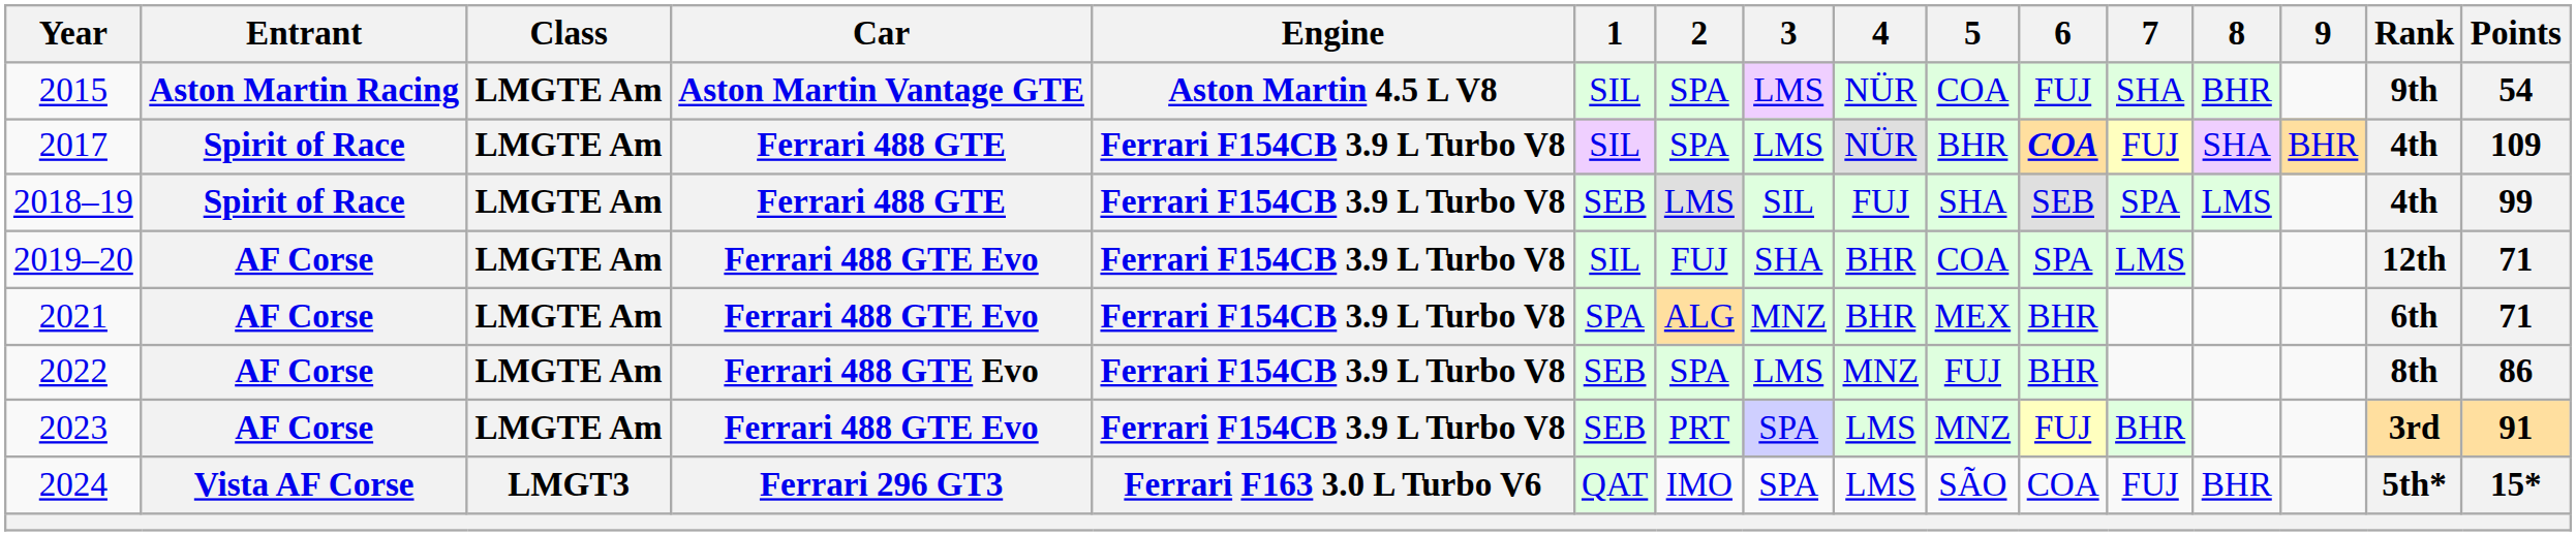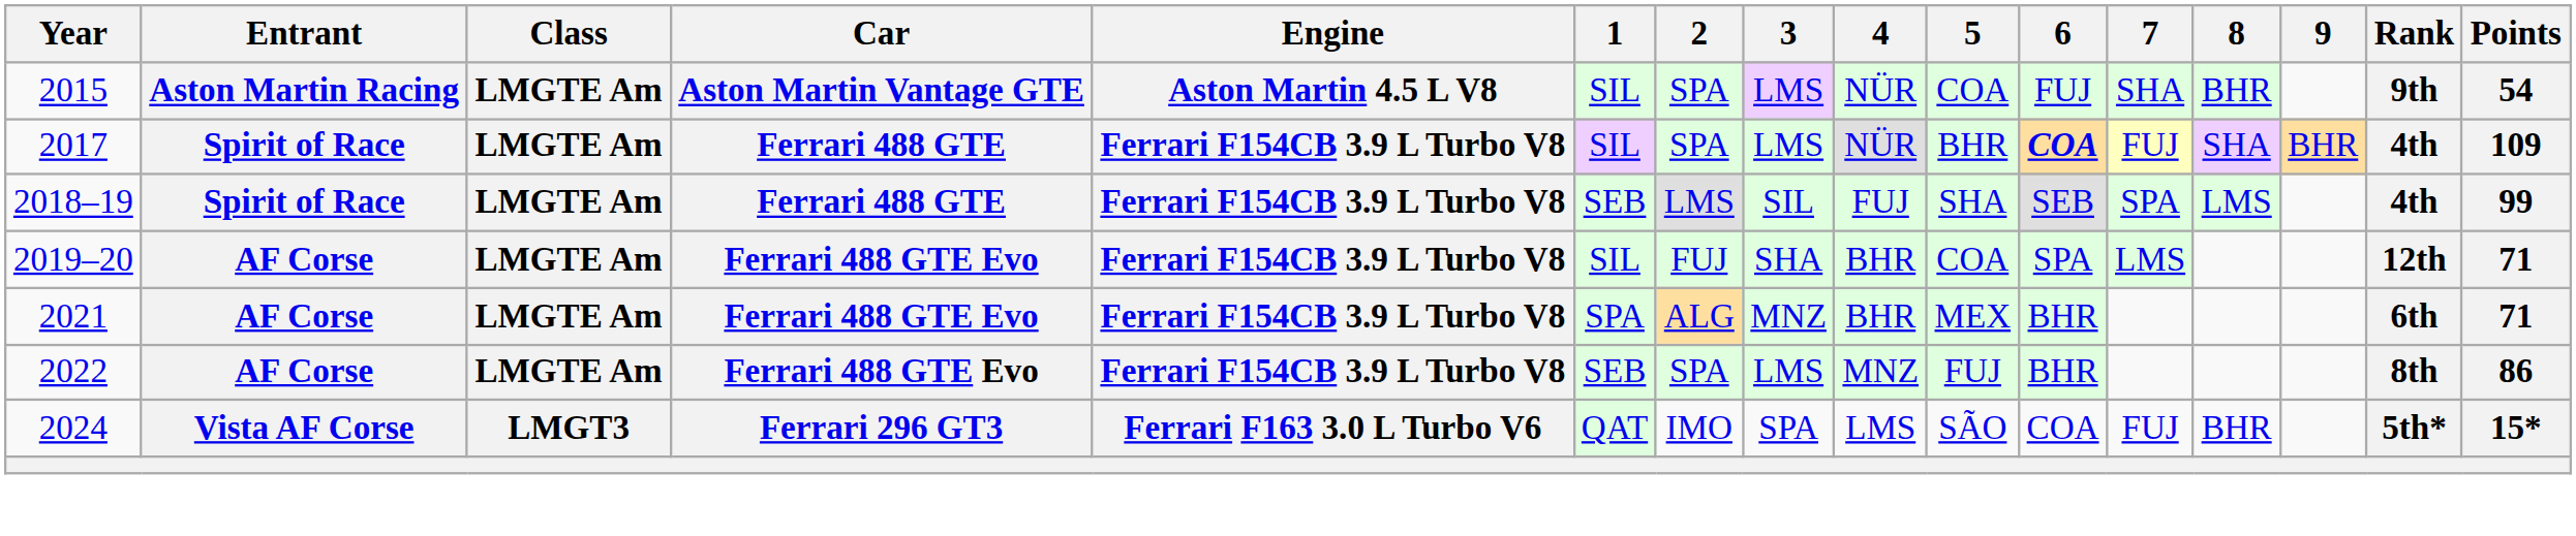 <table class="wikitable" style="text-align:center; font-size:90%">
 <tr>
 <th>Year</th>
 <th>Entrant</th>
 <th>Class</th>
 <th>Car</th>
 <th>Engine</th>
 <th>1</th>
 <th>2</th>
 <th>3</th>
 <th>4</th>
 <th>5</th>
 <th>6</th>
 <th>7</th>
 <th>8</th>
 <th>9</th>
 <th>Rank</th>
 <th>Points</th>
 </tr>
 <tr>
 <td><a href='#'>2015</a></td>
 <th><a href='#'>Aston Martin Racing</a></th>
 <th>LMGTE Am</th>
 <th><a href='#'>Aston Martin Vantage GTE</a></th>
 <th><a href='#'>Aston Martin</a> 4.5 L V8</th>
 <td style="background:#DFFFDF;"><a href='#'>SIL</a><br></td>
 <td style="background:#DFFFDF;"><a href='#'>SPA</a><br></td>
 <td style="background:#EFCFFF;"><a href='#'>LMS</a><br></td>
 <td style="background:#DFFFDF;"><a href='#'>NÜR</a><br></td>
 <td style="background:#DFFFDF;"><a href='#'>COA</a><br></td>
 <td style="background:#DFFFDF;"><a href='#'>FUJ</a><br></td>
 <td style="background:#DFFFDF;"><a href='#'>SHA</a><br></td>
 <td style="background:#DFFFDF;"><a href='#'>BHR</a><br></td>
 <td></td>
 <th>9th</th>
 <th>54</th>
 </tr>
 <tr>
 <td><a href='#'>2017</a></td>
 <th><a href='#'>Spirit of Race</a></th>
 <th>LMGTE Am</th>
 <th><a href='#'>Ferrari 488 GTE</a></th>
 <th><a href='#'>Ferrari F154CB</a> 3.9 L Turbo V8</th>
 <td style="background:#EFCFFF;"><a href='#'>SIL</a><br></td>
 <td style="background:#DFFFDF;"><a href='#'>SPA</a><br></td>
 <td style="background:#DFFFDF;"><a href='#'>LMS</a><br></td>
 <td style="background:#DFDFDF;"><a href='#'>NÜR</a><br></td>
 <td style="background:#DFFFDF;"><a href='#'>BHR</a><br></td>
 <td style="background:#FFDF9F;"><strong><em><a href='#'>COA</a></em><br></strong></td>
 <td style="background:#FFFFBF;"><a href='#'>FUJ</a><br></td>
 <td style="background:#EFCFFF;"><a href='#'>SHA</a><br></td>
 <td style="background:#FFDF9F;"><a href='#'>BHR</a><br></td>
 <th>4th</th>
 <th>109</th>
 </tr>
 <tr>
 <td><a href='#'>2018–19</a></td>
 <th><a href='#'>Spirit of Race</a></th>
 <th>LMGTE Am</th>
 <th><a href='#'>Ferrari 488 GTE</a></th>
 <th><a href='#'>Ferrari F154CB</a> 3.9 L Turbo V8</th>
 <td style="background:#DFFFDF"><a href='#'>SEB</a><br></td>
 <td style="background:#DFDFDF;"><a href='#'>LMS</a><br></td>
 <td style="background:#DFFFDF;"><a href='#'>SIL</a><br></td>
 <td style="background:#DFFFDF;"><a href='#'>FUJ</a><br></td>
 <td style="background:#DFFFDF;"><a href='#'>SHA</a><br></td>
 <td style="background:#DFDFDF;"><a href='#'>SEB</a><br></td>
 <td style="background:#DFFFDF;"><a href='#'>SPA</a><br></td>
 <td style="background:#DFFFDF;"><a href='#'>LMS</a><br></td>
 <td></td>
 <th>4th</th>
 <th>99</th>
 </tr>
 <tr>
 <td><a href='#'>2019–20</a></td>
 <th><a href='#'>AF Corse</a></th>
 <th>LMGTE Am</th>
 <th><a href='#'>Ferrari 488 GTE Evo</a></th>
 <th><a href='#'>Ferrari F154CB</a> 3.9 L Turbo V8</th>
 <td style="background:#DFFFDF;"><a href='#'>SIL</a><br></td>
 <td style="background:#DFFFDF;"><a href='#'>FUJ</a><br></td>
 <td style="background:#DFFFDF;"><a href='#'>SHA</a><br></td>
 <td style="background:#DFFFDF;"><a href='#'>BHR</a><br></td>
 <td style="background:#DFFFDF;"><a href='#'>COA</a><br></td>
 <td style="background:#DFFFDF;"><a href='#'>SPA</a><br></td>
 <td style="background:#DFFFDF;"><a href='#'>LMS</a><br></td>
 <td></td>
 <td></td>
 <th>12th</th>
 <th>71</th>
 </tr>
 <tr>
 <td><a href='#'>2021</a></td>
 <th><a href='#'>AF Corse</a></th>
 <th>LMGTE Am</th>
 <th><a href='#'>Ferrari 488 GTE Evo</a></th>
 <th><a href='#'>Ferrari F154CB</a> 3.9 L Turbo V8</th>
 <td style="background:#DFFFDF;"><a href='#'>SPA</a><br></td>
 <td style="background:#FFDF9F;"><a href='#'>ALG</a><br></td>
 <td style="background:#DFFFDF;"><a href='#'>MNZ</a><br></td>
 <td style="background:#DFFFDF;"><a href='#'>BHR</a><br></td>
 <td style="background:#DFFFDF;"><a href='#'>MEX</a><br></td>
 <td style="background:#DFFFDF;"><a href='#'>BHR</a><br></td>
 <td></td>
 <td></td>
 <td></td>
 <th>6th</th>
 <th>71</th>
 </tr>
 <tr>
 <td><a href='#'>2022</a></td>
 <th><a href='#'>AF Corse</a></th>
 <th>LMGTE Am</th>
 <th><a href='#'>Ferrari 488 GTE</a> Evo</th>
 <th><a href='#'>Ferrari F154CB</a> 3.9 L Turbo V8</th>
 <td style="background:#DFFFDF"><a href='#'>SEB</a><br></td>
 <td style="background:#DFFFDF"><a href='#'>SPA</a><br></td>
 <td style="background:#DFFFDF"><a href='#'>LMS</a><br></td>
 <td style="background:#DFFFDF"><a href='#'>MNZ</a><br></td>
 <td style="background:#DFFFDF"><a href='#'>FUJ</a><br></td>
 <td style="background:#DFFFDF"><a href='#'>BHR</a><br></td>
 <td></td>
 <td></td>
 <td></td>
 <th>8th</th>
 <th>86</th>
 </tr>
 <tr>
-<td><a href='#'>2023</a></td>
-<th><a href='#'>AF Corse</a></th>
-<th>LMGTE Am</th>
-<th><a href='#'>Ferrari 488 GTE Evo</a></th>
-<th><a href='#'>Ferrari</a> <a href='#'>F154CB</a> 3.9 L Turbo V8</th>
-<td style="background:#DFFFDF;"><a href='#'>SEB</a><br></td>
-<td style="background:#DFFFDF;"><a href='#'>PRT</a><br></td>
-<td style="background:#CFCFFF;"><a href='#'>SPA</a><br></td>
-<td style="background:#DFFFDF;"><a href='#'>LMS</a><br></td>
-<td style="background:#DFFFDF;"><a href='#'>MNZ</a><br></td>
-<td style="background:#FFFFBF;"><a href='#'>FUJ</a><br></td>
-<td style="background:#DFFFDF;"><a href='#'>BHR</a><br></td>
-<td></td>
-<td></td>
-<th style="background:#FFDF9F;">3rd</th>
-<th style="background:#FFDF9F;">91</th>
-</tr>
-<tr>
 <td><a href='#'>2024</a></td>
 <th><a href='#'>Vista AF Corse</a></th>
 <th>LMGT3</th>
 <th><a href='#'>Ferrari 296 GT3</a></th>
 <th><a href='#'>Ferrari</a> <a href='#'>F163</a> 3.0 L Turbo V6</th>
 <td style="background:#DFFFDF;"><a href='#'>QAT</a><br></td>
 <td style="background:#;"><a href='#'>IMO</a></td>
 <td style="background:#;"><a href='#'>SPA</a></td>
 <td style="background:#;"><a href='#'>LMS</a></td>
 <td style="background:#;"><a href='#'>SÃO</a></td>
 <td style="background:#;"><a href='#'>COA</a></td>
 <td style="background:#;"><a href='#'>FUJ</a></td>
 <td style="background:#;"><a href='#'>BHR</a></td>
 <td></td>
 <th>5th*</th>
 <th>15*</th>
 </tr>
 <tr>
 <th colspan="16"></th>
 </tr>
 </table>
